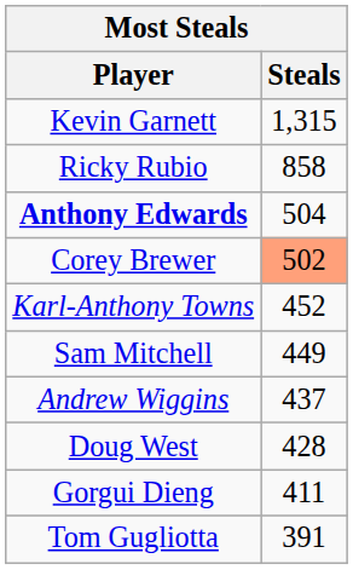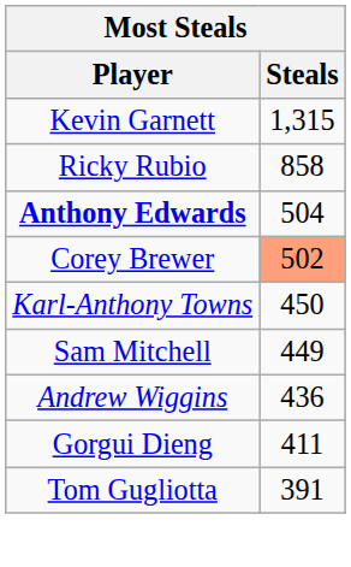 <table class="wikitable sortable" style="text-align:center">
 <tr>
 <th colspan="2" style="text-align:center; ">Most Steals</th>
 </tr>
 <tr>
 <th style="text-align:center; ">Player</th>
 <th style="text-align:center; ">Steals</th>
 </tr>
 <tr>
 <td><a href='#'>Kevin Garnett</a></td>
 <td>1,315</td>
 </tr>
 <tr>
 <td><a href='#'>Ricky Rubio</a></td>
 <td>858</td>
 </tr>
 <tr>
 <td><strong><a href='#'>Anthony Edwards</a></strong></td>
 <td>504</td>
 </tr>
 <tr>
 <td><a href='#'>Corey Brewer</a></td>
 <td style="background: lightsalmon;">502</td>
 </tr>
 <tr>
 <td><em><a href='#'>Karl-Anthony Towns</a></em></td>
-<td>452</td>
+<td>450</td>
 </tr>
 <tr>
 <td><a href='#'>Sam Mitchell</a></td>
 <td>449</td>
 </tr>
 <tr>
 <td><em><a href='#'>Andrew Wiggins</a></em></td>
-<td>437</td>
-</tr>
-<tr>
-<td><a href='#'>Doug West</a></td>
-<td>428</td>
+<td>436</td>
 </tr>
 <tr>
 <td><a href='#'>Gorgui Dieng</a></td>
 <td>411</td>
 </tr>
 <tr>
 <td><a href='#'>Tom Gugliotta</a></td>
 <td>391</td>
 </tr>
 </table>
